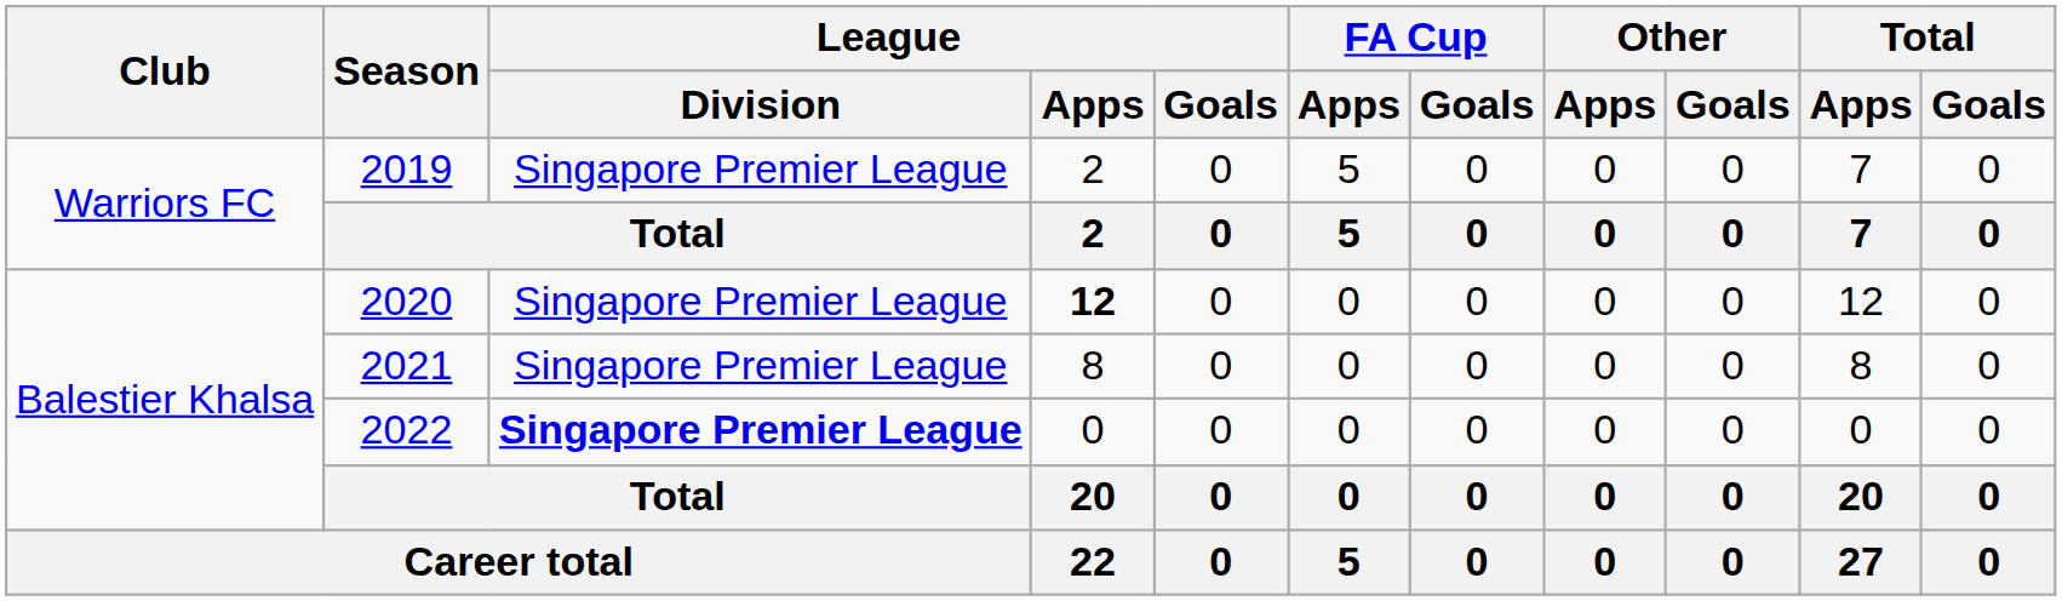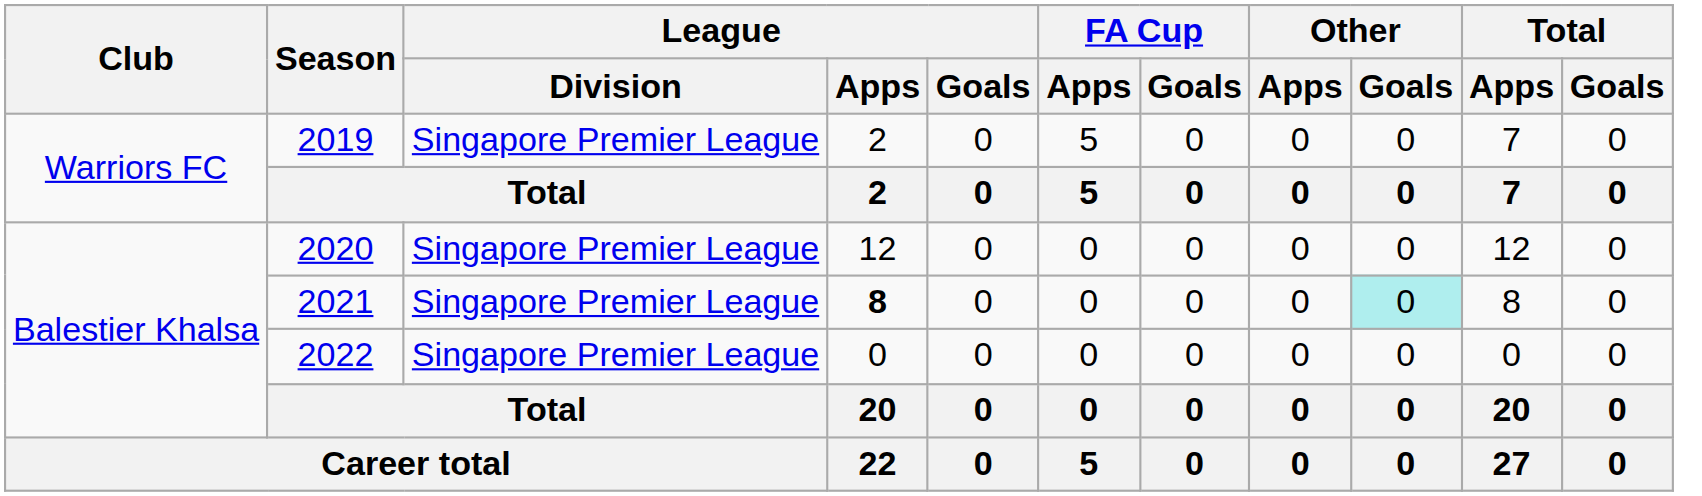 <table class="wikitable" style="text-align: center">
 <tr>
 <th rowspan="2">Club</th>
 <th rowspan="2">Season</th>
 <th colspan="3">League</th>
 <th colspan="2"><a href='#'>FA Cup</a></th>
 <th colspan="2">Other</th>
 <th colspan="2">Total</th>
 </tr>
 <tr>
 <th>Division</th>
 <th>Apps</th>
 <th>Goals</th>
 <th>Apps</th>
 <th>Goals</th>
 <th>Apps</th>
 <th>Goals</th>
 <th>Apps</th>
 <th>Goals</th>
 </tr>
 <tr>
 <td rowspan="2"><a href='#'>Warriors FC</a></td>
 <td><a href='#'>2019</a></td>
 <td><a href='#'>Singapore Premier League</a></td>
 <td>2</td>
 <td>0</td>
 <td>5</td>
 <td>0</td>
 <td>0</td>
 <td>0</td>
 <td>7</td>
 <td>0</td>
 </tr>
 <tr>
 <th colspan=2>Total</th>
 <th>2</th>
 <th>0</th>
 <th>5</th>
 <th>0</th>
 <th>0</th>
 <th>0</th>
 <th>7</th>
 <th>0</th>
 </tr>
 <tr>
 <td rowspan="4"><a href='#'>Balestier Khalsa</a></td>
 <td><a href='#'>2020</a></td>
 <td><a href='#'>Singapore Premier League</a></td>
-<td><strong>12</strong></td>
+<td>12</td>
 <td>0</td>
 <td>0</td>
 <td>0</td>
 <td>0</td>
 <td>0</td>
 <td>12</td>
 <td>0</td>
 </tr>
 <tr>
 <td><a href='#'>2021</a></td>
 <td><a href='#'>Singapore Premier League</a></td>
-<td>8</td>
+<td><strong>8</strong></td>
 <td>0</td>
 <td>0</td>
 <td>0</td>
 <td>0</td>
-<td>0</td>
+<td style="background: paleturquoise;">0</td>
 <td>8</td>
 <td>0</td>
 </tr>
 <tr>
 <td><a href='#'>2022</a></td>
-<td><strong><a href='#'>Singapore Premier League</a></strong></td>
+<td><a href='#'>Singapore Premier League</a></td>
 <td>0</td>
 <td>0</td>
 <td>0</td>
 <td>0</td>
 <td>0</td>
 <td>0</td>
 <td>0</td>
 <td>0</td>
 </tr>
 <tr>
 <th colspan=2>Total</th>
 <th>20</th>
 <th>0</th>
 <th>0</th>
 <th>0</th>
 <th>0</th>
 <th>0</th>
 <th>20</th>
 <th>0</th>
 </tr>
 <tr>
 <th colspan=3>Career total</th>
 <th>22</th>
 <th>0</th>
 <th>5</th>
 <th>0</th>
 <th>0</th>
 <th>0</th>
 <th>27</th>
 <th>0</th>
 </tr>
 </table>
